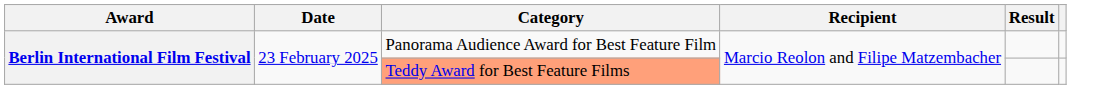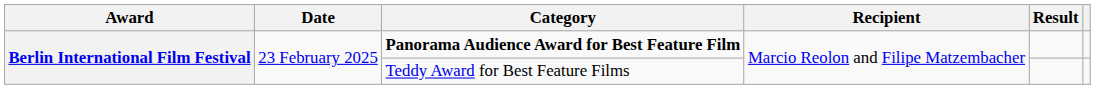 <table class="wikitable sortable plainrowheaders">
 <tr>
 <th>Award</th>
 <th>Date</th>
 <th>Category</th>
 <th>Recipient</th>
 <th>Result</th>
 <th></th>
 </tr>
 <tr>
 <th scope="row" rowspan="2"><a href='#'>Berlin International Film Festival</a></th>
 <td rowspan="2"><a href='#'>23 February 2025</a></td>
-<td>Panorama Audience Award for Best Feature Film</td>
+<td><strong>Panorama Audience Award for Best Feature Film</strong></td>
 <td rowspan="2"><a href='#'>Marcio Reolon</a> and <a href='#'>Filipe Matzembacher</a></td>
 <td></td>
 <td align="center" rowspan="1"></td>
 </tr>
 <tr>
-<td style="background: lightsalmon;"><a href='#'>Teddy Award</a> for Best Feature Films</td>
+<td><a href='#'>Teddy Award</a> for Best Feature Films</td>
 <td></td>
 <td align="center" rowspan="1"></td>
 </tr>
 </table>
